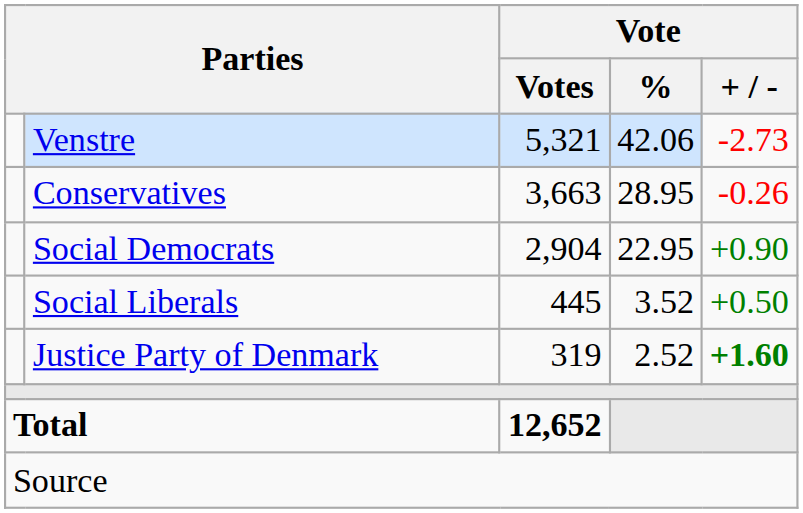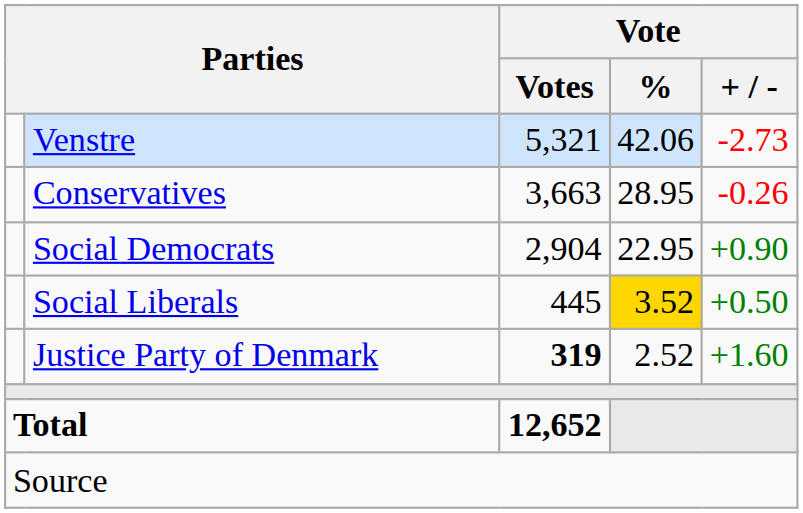 <table class="wikitable" style="text-align:right;">
 <tr>
 <th style="text-align:centre;" rowspan="2" colspan="2" width="225">Parties</th>
 <th colspan="3">Vote</th>
 </tr>
 <tr>
 <th width="15">Votes</th>
 <th width="15">%</th>
 <th width="15">+ / -</th>
 </tr>
 <tr>
 <td width="2" style="color:inherit;background:"></td>
 <td bgcolor=#cfe5fe  align="left"><a href='#'>Venstre</a></td>
 <td bgcolor=#cfe5fe>5,321</td>
 <td bgcolor=#cfe5fe>42.06</td>
 <td style=color:red;>-2.73</td>
 </tr>
 <tr>
 <td width="2" style="color:inherit;background:"></td>
 <td align="left"><a href='#'>Conservatives</a></td>
 <td>3,663</td>
 <td>28.95</td>
 <td style=color:red;>-0.26</td>
 </tr>
 <tr>
 <td width="2" style="color:inherit;background:"></td>
 <td align="left"><a href='#'>Social Democrats</a></td>
 <td>2,904</td>
 <td>22.95</td>
 <td style=color:green;>+0.90</td>
 </tr>
 <tr>
 <td width="2" style="color:inherit;background:"></td>
 <td align="left"><a href='#'>Social Liberals</a></td>
 <td>445</td>
-<td>3.52</td>
+<td style="background: gold;">3.52</td>
 <td style=color:green;>+0.50</td>
 </tr>
 <tr>
 <td width="2" style="color:inherit;background:"></td>
 <td align="left"><a href='#'>Justice Party of Denmark</a></td>
-<td>319</td>
+<td><strong>319</strong></td>
 <td>2.52</td>
-<td style=color:green;><strong>+1.60</strong></td>
+<td style=color:green;>+1.60</td>
 </tr>
 <tr>
 <td colspan="7" bgcolor="#E9E9E9"></td>
 </tr>
 <tr>
 <td align="left" colspan="2"><strong>Total</strong></td>
 <td><strong>12,652</strong></td>
 <td bgcolor="#E9E9E9" colspan="2"></td>
 </tr>
 <tr>
 <td align="left" colspan="6">Source</td>
 </tr>
 </table>
